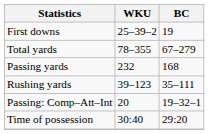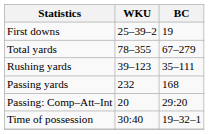 <table class="wikitable" style="float: left;">
 <tr>
 <th>Statistics</th>
 <th>WKU</th>
 <th>BC</th>
 </tr>
 <tr>
 <td>First downs</td>
 <td>25–39–2</td>
 <td>19</td>
 </tr>
 <tr>
 <td>Total yards</td>
 <td>78–355</td>
 <td>67–279</td>
 </tr>
 <tr>
+<td>Rushing yards</td>
+<td>39–123</td>
+<td>35–111</td>
+</tr>
+<tr>
 <td>Passing yards</td>
 <td>232</td>
 <td>168</td>
 </tr>
 <tr>
-<td>Rushing yards</td>
-<td>39–123</td>
-<td>35–111</td>
-</tr>
-<tr>
 <td>Passing: Comp–Att–Int</td>
 <td>20</td>
-<td>19–32–1</td>
+<td>29:20</td>
 </tr>
 <tr>
 <td>Time of possession</td>
 <td>30:40</td>
-<td>29:20</td>
+<td>19–32–1</td>
 </tr>
 <tr>
 </tr>
 </table>
